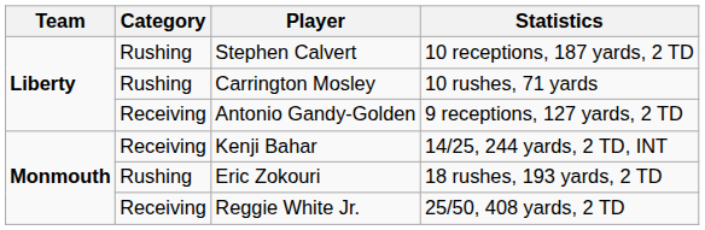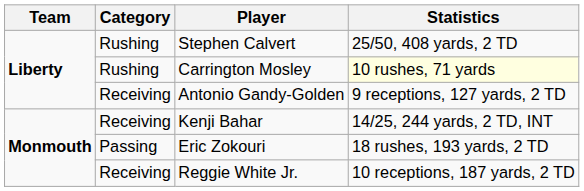 <table class="wikitable" style="float: left;">
 <tr>
 <th>Team</th>
 <th>Category</th>
 <th>Player</th>
 <th>Statistics</th>
 </tr>
 <tr>
 <td rowspan=3><strong>Liberty</strong></td>
 <td>Rushing</td>
 <td>Stephen Calvert</td>
-<td>10 receptions, 187 yards, 2 TD</td>
+<td>25/50, 408 yards, 2 TD</td>
 </tr>
 <tr>
 <td>Rushing</td>
 <td>Carrington Mosley</td>
-<td>10 rushes, 71 yards</td>
+<td style="background: lightyellow;">10 rushes, 71 yards</td>
 </tr>
 <tr>
 <td>Receiving</td>
 <td>Antonio Gandy-Golden</td>
 <td>9 receptions, 127 yards, 2 TD</td>
 </tr>
 <tr>
 <td rowspan=3><strong>Monmouth</strong></td>
 <td>Receiving</td>
 <td>Kenji Bahar</td>
 <td>14/25, 244 yards, 2 TD, INT</td>
 </tr>
 <tr>
-<td>Rushing</td>
+<td>Passing</td>
 <td>Eric Zokouri</td>
 <td>18 rushes, 193 yards, 2 TD</td>
 </tr>
 <tr>
 <td>Receiving</td>
 <td>Reggie White Jr.</td>
-<td>25/50, 408 yards, 2 TD</td>
+<td>10 receptions, 187 yards, 2 TD</td>
 </tr>
 </table>
